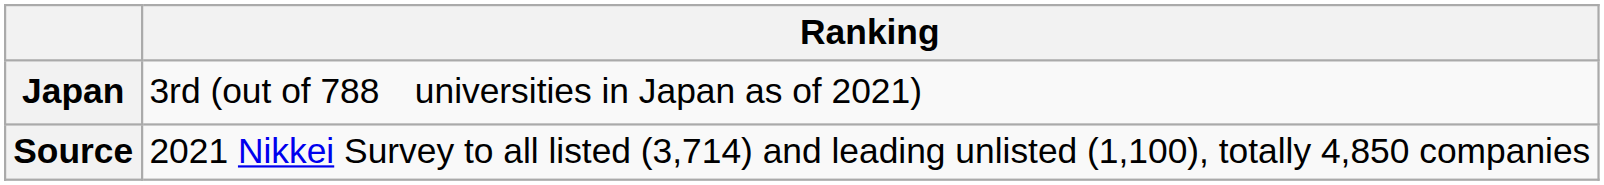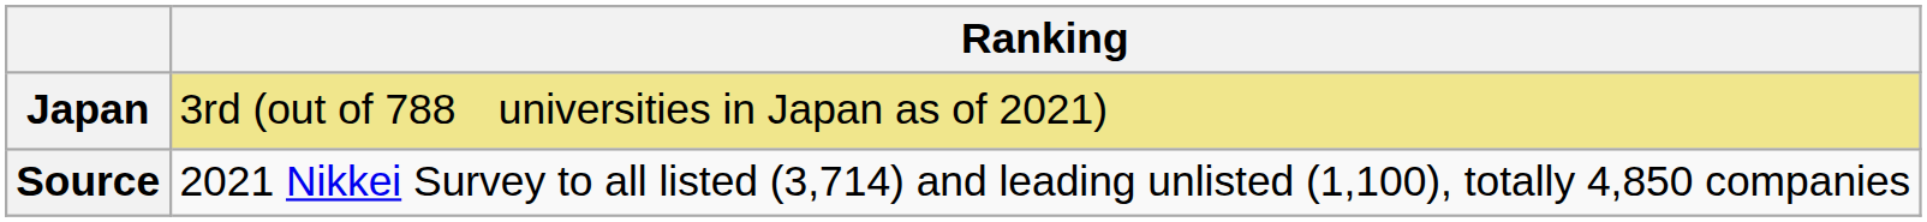 <table class="wikitable">
 <tr>
 <th></th>
 <th>Ranking</th>
 </tr>
 <tr>
 <th>Japan</th>
-<td>3rd (out of 788　universities in Japan as of 2021)</td>
+<td style="background: khaki;">3rd (out of 788　universities in Japan as of 2021)</td>
 </tr>
 <tr>
 <th>Source</th>
 <td>2021 <a href='#'>Nikkei</a> Survey to all listed (3,714) and leading unlisted (1,100), totally 4,850 companies</td>
 </tr>
 </table>
